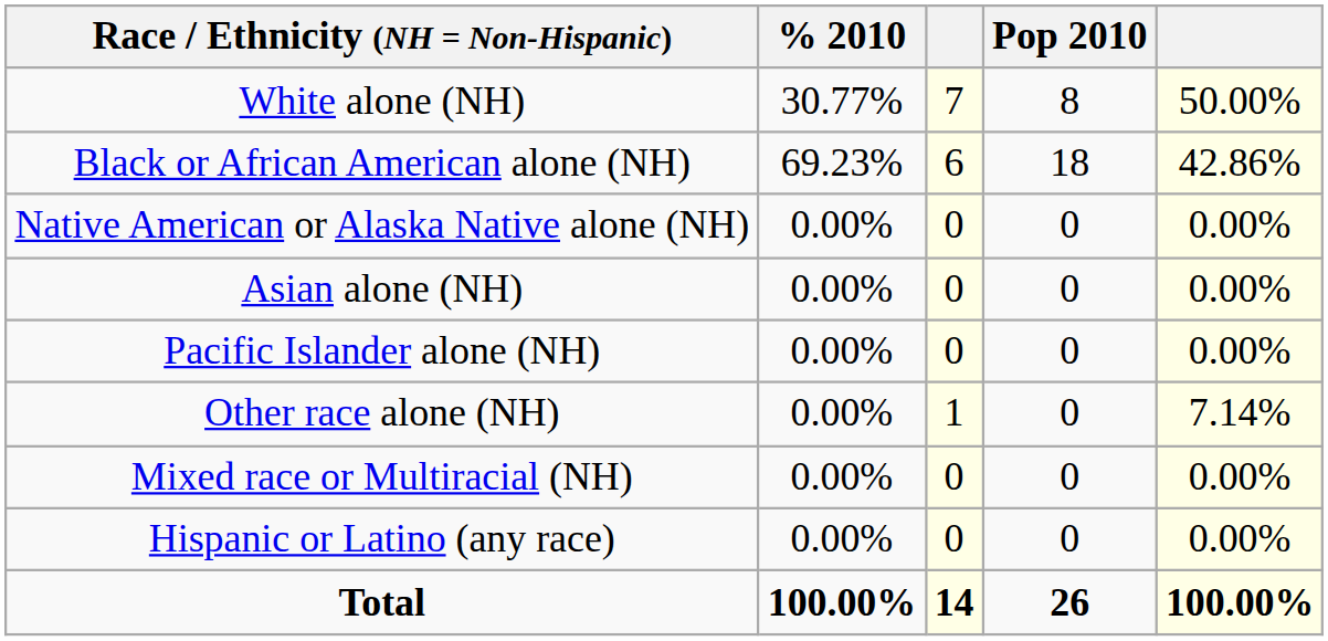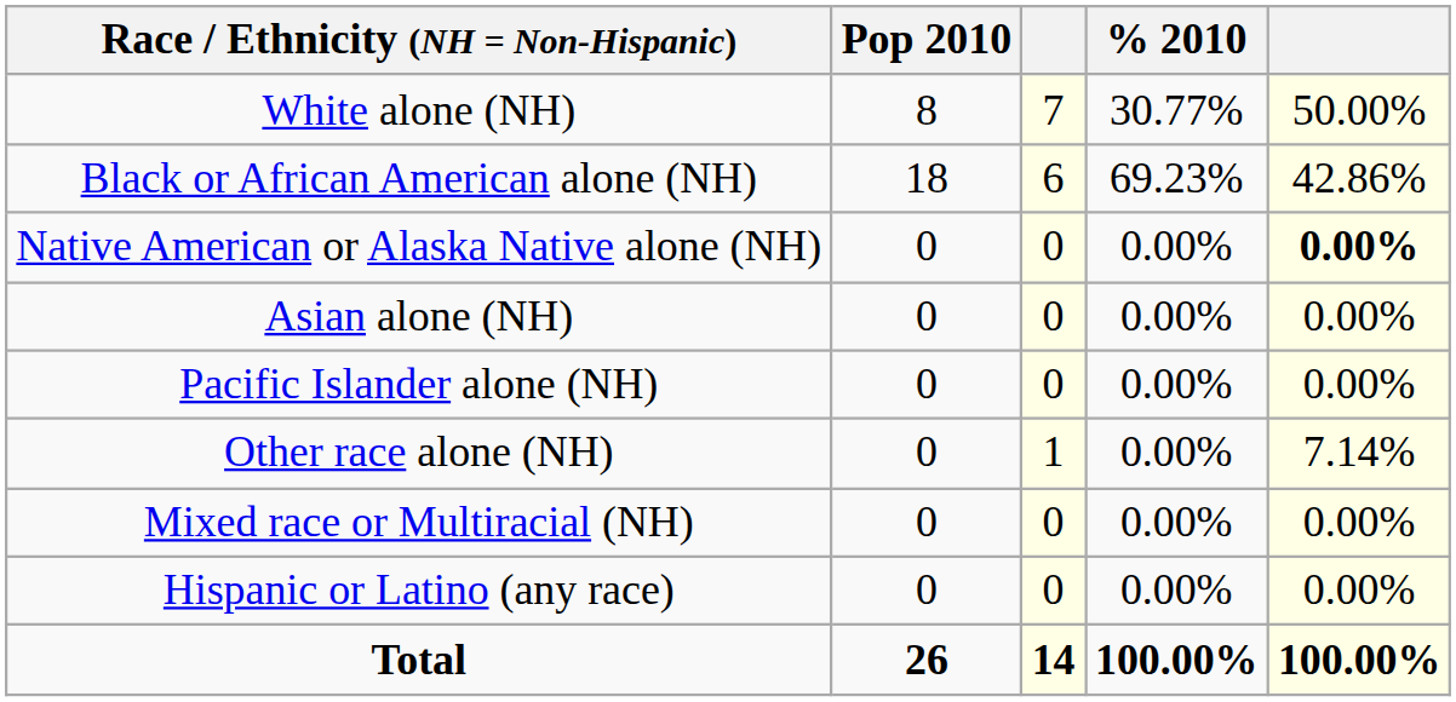 <table class="wikitable" style="text-align:center;">
 <tr>
 <th>Race / Ethnicity <small>(<em>NH = Non-Hispanic</em>)</small></th>
+<th>Pop 2010</th>
+<th></th>
 <th>% 2010</th>
-<th></th>
-<th>Pop 2010</th>
 <th></th>
 </tr>
 <tr>
 <td><a href='#'>White</a> alone (NH)</td>
+<td>8</td>
+<td style='background: #ffffe6;'>7</td>
 <td>30.77%</td>
-<td style='background: #ffffe6;'>7</td>
-<td>8</td>
 <td style='background: #ffffe6;'>50.00%</td>
 </tr>
 <tr>
 <td><a href='#'>Black or African American</a> alone (NH)</td>
+<td>18</td>
+<td style='background: #ffffe6;'>6</td>
 <td>69.23%</td>
-<td style='background: #ffffe6;'>6</td>
-<td>18</td>
 <td style='background: #ffffe6;'>42.86%</td>
 </tr>
 <tr>
 <td><a href='#'>Native American</a> or <a href='#'>Alaska Native</a> alone (NH)</td>
+<td>0</td>
+<td style='background: #ffffe6;'>0</td>
 <td>0.00%</td>
-<td style='background: #ffffe6;'>0</td>
-<td>0</td>
-<td style='background: #ffffe6;'>0.00%</td>
+<td style='background: #ffffe6;'><strong>0.00%</strong></td>
 </tr>
 <tr>
 <td><a href='#'>Asian</a> alone (NH)</td>
+<td>0</td>
+<td style='background: #ffffe6;'>0</td>
 <td>0.00%</td>
-<td style='background: #ffffe6;'>0</td>
-<td>0</td>
 <td style='background: #ffffe6;'>0.00%</td>
 </tr>
 <tr>
 <td><a href='#'>Pacific Islander</a> alone (NH)</td>
+<td>0</td>
+<td style='background: #ffffe6;'>0</td>
 <td>0.00%</td>
-<td style='background: #ffffe6;'>0</td>
-<td>0</td>
 <td style='background: #ffffe6;'>0.00%</td>
 </tr>
 <tr>
 <td><a href='#'>Other race</a> alone (NH)</td>
+<td>0</td>
+<td style='background: #ffffe6;'>1</td>
 <td>0.00%</td>
-<td style='background: #ffffe6;'>1</td>
-<td>0</td>
 <td style='background: #ffffe6;'>7.14%</td>
 </tr>
 <tr>
 <td><a href='#'>Mixed race or Multiracial</a> (NH)</td>
+<td>0</td>
+<td style='background: #ffffe6;'>0</td>
 <td>0.00%</td>
-<td style='background: #ffffe6;'>0</td>
-<td>0</td>
 <td style='background: #ffffe6;'>0.00%</td>
 </tr>
 <tr>
 <td><a href='#'>Hispanic or Latino</a> (any race)</td>
+<td>0</td>
+<td style='background: #ffffe6;'>0</td>
 <td>0.00%</td>
-<td style='background: #ffffe6;'>0</td>
-<td>0</td>
 <td style='background: #ffffe6;'>0.00%</td>
 </tr>
 <tr>
 <td><strong>Total</strong></td>
+<td><strong>26</strong></td>
+<td style='background: #ffffe6;'><strong>14</strong></td>
 <td><strong>100.00%</strong></td>
-<td style='background: #ffffe6;'><strong>14</strong></td>
-<td><strong>26</strong></td>
 <td style='background: #ffffe6;'><strong>100.00%</strong></td>
 </tr>
 </table>
